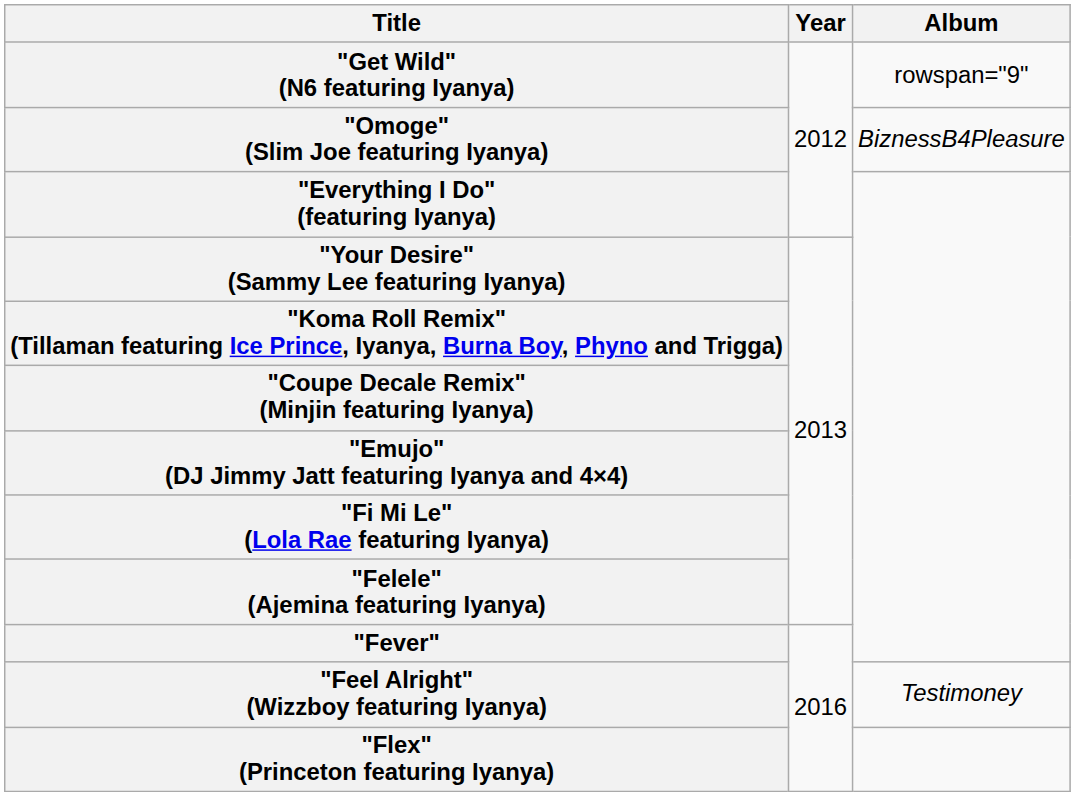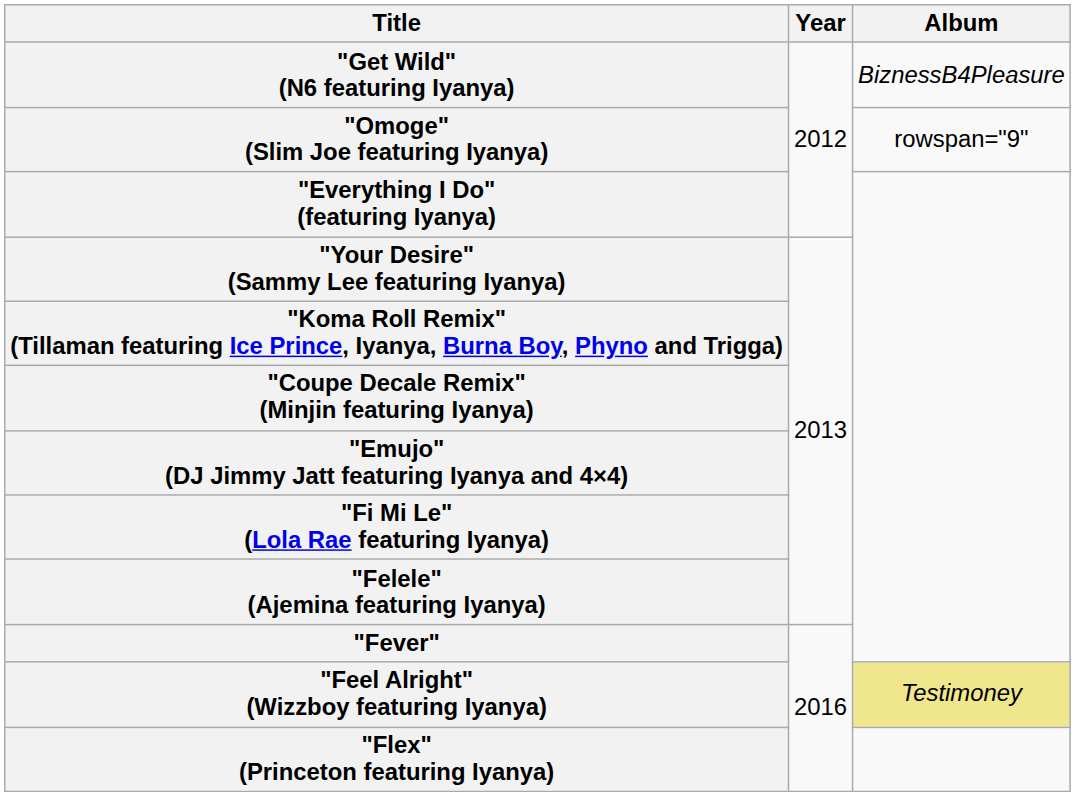 <table class="wikitable plainrowheaders" style="text-align:center">
 <tr>
 <th scope="col">Title</th>
 <th scope="col">Year</th>
 <th scope="col">Album</th>
 </tr>
 <tr>
 <th scope="row">"Get Wild"<br><span>(N6 featuring Iyanya)</span></th>
 <td rowspan="3">2012</td>
-<td>rowspan="9" </td>
+<td><em>BiznessB4Pleasure</em></td>
 </tr>
 <tr>
 <th scope="row">"Omoge"<br><span>(Slim Joe featuring Iyanya)</span></th>
-<td><em>BiznessB4Pleasure</em></td>
+<td>rowspan="9" </td>
 </tr>
 <tr>
 <th scope="row">"Everything I Do"<br><span>(featuring Iyanya)</span></th>
 </tr>
 <tr>
 <th scope="row">"Your Desire"<br><span>(Sammy Lee featuring Iyanya)</span></th>
 <td rowspan="6">2013</td>
 </tr>
 <tr>
 <th scope="row">"Koma Roll Remix" <br><span>(Tillaman featuring <a href='#'>Ice Prince</a>, Iyanya, <a href='#'>Burna Boy</a>, <a href='#'>Phyno</a> and Trigga)</span></th>
 </tr>
 <tr>
 <th scope="row">"Coupe Decale Remix" <br><span>(Minjin featuring Iyanya)</span></th>
 </tr>
 <tr>
 <th scope="row">"Emujo"<br><span>(DJ Jimmy Jatt featuring Iyanya and 4×4)</span></th>
 </tr>
 <tr>
 <th scope="row">"Fi Mi Le"<br><span>(<a href='#'>Lola Rae</a> featuring Iyanya)</span></th>
 </tr>
 <tr>
 <th scope="row">"Felele"<br><span>(Ajemina featuring Iyanya)</span></th>
 </tr>
 <tr>
 <th scope="row">"Fever"</th>
 <td rowspan="3">2016</td>
 </tr>
 <tr>
 <th scope="row">"Feel Alright"<br><span>(Wizzboy featuring Iyanya)</span></th>
-<td><em>Testimoney</em></td>
+<td style="background: khaki;"><em>Testimoney</em></td>
 </tr>
 <tr>
 <th scope="row">"Flex"<br><span>(Princeton featuring Iyanya)</span></th>
 <td></td>
 </tr>
 </table>
